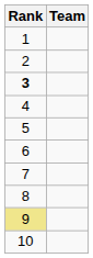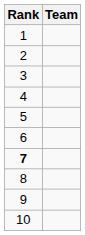 <table class="wikitable" style="text-align:center;">
 <tr>
 <th>Rank</th>
 <th>Team</th>
 </tr>
 <tr>
 <td>1</td>
 <td style="text-align:left"></td>
 </tr>
 <tr>
 <td>2</td>
 <td style="text-align:left"></td>
 </tr>
 <tr>
-<td><strong>3</strong></td>
+<td>3</td>
 <td style="text-align:left"></td>
 </tr>
 <tr>
 <td>4</td>
 <td style="text-align:left"></td>
 </tr>
 <tr>
 <td>5</td>
 <td style="text-align:left"></td>
 </tr>
 <tr>
 <td>6</td>
 <td style="text-align:left"></td>
 </tr>
 <tr>
-<td>7</td>
+<td><strong>7</strong></td>
 <td style="text-align:left"></td>
 </tr>
 <tr>
 <td>8</td>
 <td style="text-align:left"></td>
 </tr>
 <tr>
-<td style="background: khaki;">9</td>
+<td>9</td>
 <td style="text-align:left"></td>
 </tr>
 <tr>
 <td>10</td>
 <td style="text-align:left"></td>
 </tr>
 </table>
